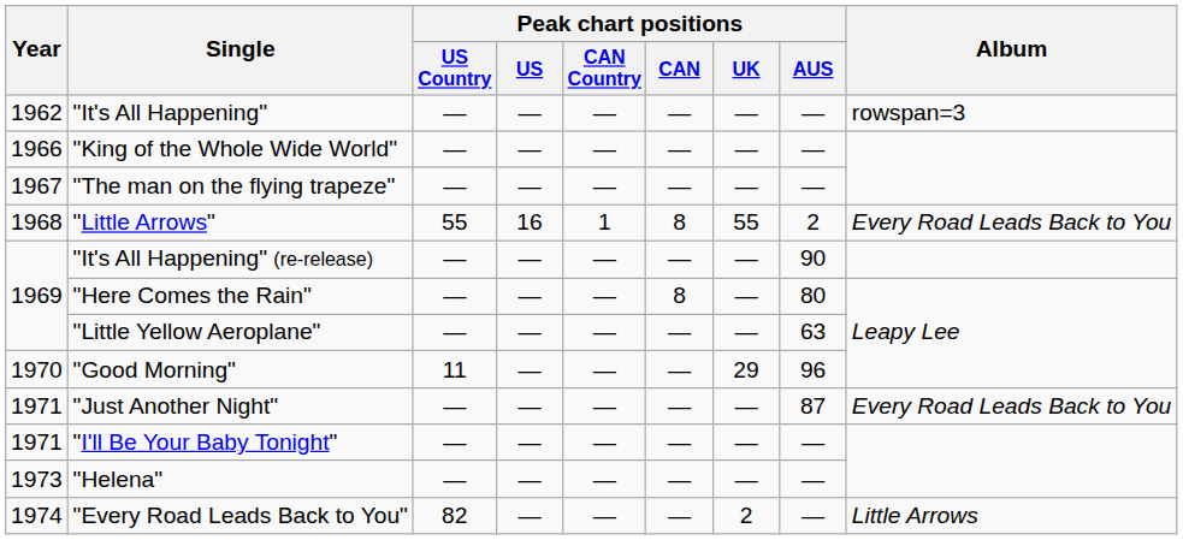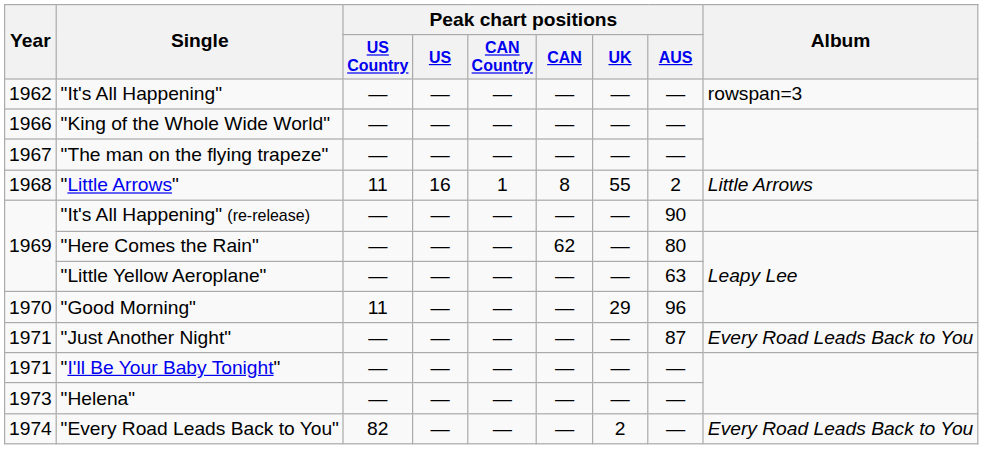 <table class="wikitable" style="text-align:left;">
 <tr>
 <th rowspan="2">Year</th>
 <th rowspan="2">Single</th>
 <th colspan="6">Peak chart positions</th>
 <th rowspan="2">Album</th>
 </tr>
 <tr style="font-size:smaller;">
 <th style="width:40px;"><a href='#'>US Country</a></th>
 <th style="width:40px;"><a href='#'>US</a></th>
 <th style="width:40px;"><a href='#'>CAN Country</a></th>
 <th style="width:40px;"><a href='#'>CAN</a></th>
 <th style="width:40px;"><a href='#'>UK</a></th>
 <th style="width:40px;"><a href='#'>AUS</a></th>
 </tr>
 <tr>
 <td>1962</td>
 <td>"It's All Happening"</td>
 <td align=center>—</td>
 <td align=center>—</td>
 <td align=center>—</td>
 <td align=center>—</td>
 <td align=center>—</td>
 <td align=center>—</td>
 <td>rowspan=3 </td>
 </tr>
 <tr>
 <td>1966</td>
 <td>"King of the Whole Wide World"</td>
 <td align=center>—</td>
 <td align=center>—</td>
 <td align=center>—</td>
 <td align=center>—</td>
 <td align=center>—</td>
 <td align=center>—</td>
 </tr>
 <tr>
 <td>1967</td>
 <td>"The man on the flying trapeze"</td>
 <td align=center>—</td>
 <td align=center>—</td>
 <td align=center>—</td>
 <td align=center>—</td>
 <td align=center>—</td>
 <td align=center>—</td>
 </tr>
 <tr>
 <td>1968</td>
 <td>"<a href='#'>Little Arrows</a>"</td>
-<td align=center>55</td>
+<td align=center>11</td>
 <td align=center>16</td>
 <td align=center>1</td>
 <td align=center>8</td>
 <td align=center>55</td>
 <td align=center>2</td>
-<td><em>Every Road Leads Back to You</em></td>
+<td><em>Little Arrows</em></td>
 </tr>
 <tr>
 <td rowspan=3>1969</td>
 <td>"It's All Happening" <small>(re-release)</small></td>
 <td align=center>—</td>
 <td align=center>—</td>
 <td align=center>—</td>
 <td align=center>—</td>
 <td align=center>—</td>
 <td align=center>90</td>
 <td></td>
 </tr>
 <tr>
 <td>"Here Comes the Rain"</td>
 <td align=center>—</td>
 <td align=center>—</td>
 <td align=center>—</td>
-<td align=center>8</td>
+<td align=center>62</td>
 <td align=center>—</td>
 <td align=center>80</td>
 <td rowspan=3><em>Leapy Lee</em></td>
 </tr>
 <tr>
 <td>"Little Yellow Aeroplane"</td>
 <td align=center>—</td>
 <td align=center>—</td>
 <td align=center>—</td>
 <td align=center>—</td>
 <td align=center>—</td>
 <td align=center>63</td>
 </tr>
 <tr>
 <td>1970</td>
 <td>"Good Morning"</td>
 <td align=center>11</td>
 <td align=center>—</td>
 <td align=center>—</td>
 <td align=center>—</td>
 <td align=center>29</td>
 <td align=center>96</td>
 </tr>
 <tr>
 <td>1971</td>
 <td>"Just Another Night"</td>
 <td align=center>—</td>
 <td align=center>—</td>
 <td align=center>—</td>
 <td align=center>—</td>
 <td align=center>—</td>
 <td align=center>87</td>
 <td><em>Every Road Leads Back to You</em></td>
 </tr>
 <tr>
 <td>1971</td>
 <td>"<a href='#'>I'll Be Your Baby Tonight</a>"</td>
 <td align=center>—</td>
 <td align=center>—</td>
 <td align=center>—</td>
 <td align=center>—</td>
 <td align=center>—</td>
 <td align=center>—</td>
 </tr>
 <tr>
 <td>1973</td>
 <td>"Helena"</td>
 <td align=center>—</td>
 <td align=center>—</td>
 <td align=center>—</td>
 <td align=center>—</td>
 <td align=center>—</td>
 <td align=center>—</td>
 </tr>
 <tr>
 <td>1974</td>
 <td>"Every Road Leads Back to You"</td>
 <td align=center>82</td>
 <td align=center>—</td>
 <td align=center>—</td>
 <td align=center>—</td>
 <td align=center>2</td>
 <td align=center>—</td>
-<td><em>Little Arrows</em></td>
+<td><em>Every Road Leads Back to You</em></td>
 </tr>
 </table>
